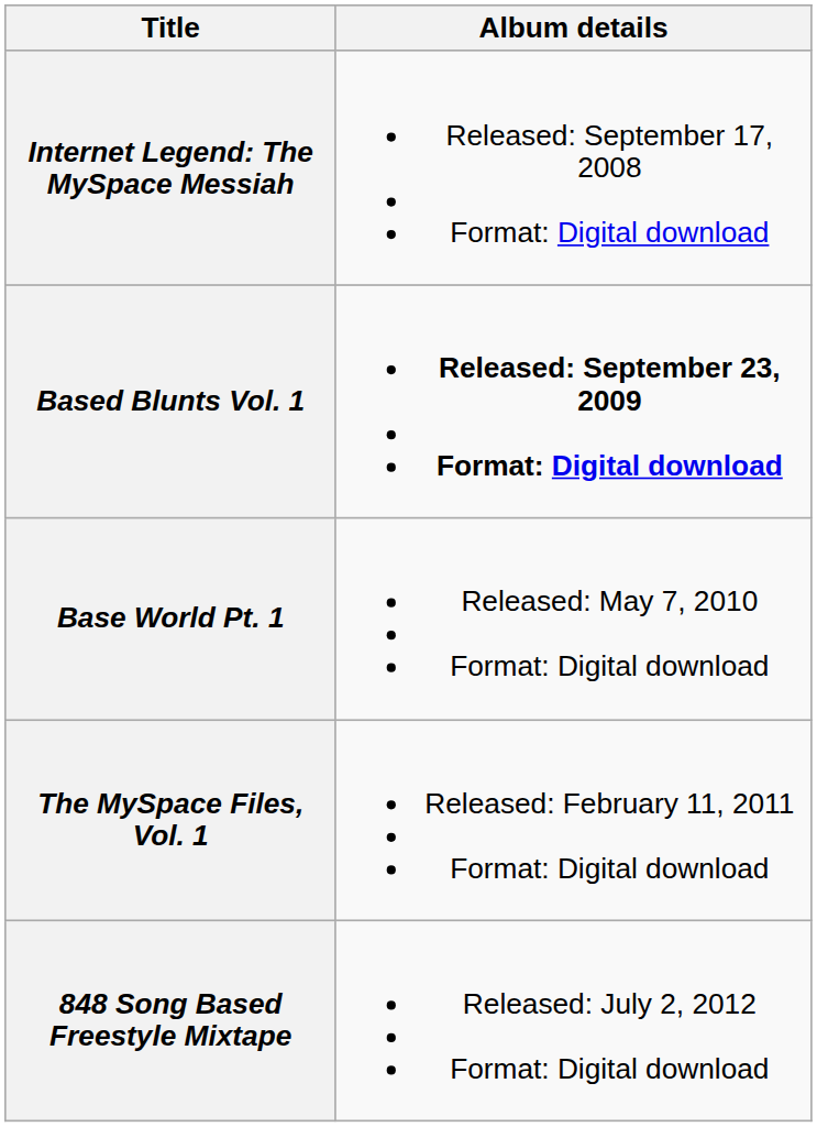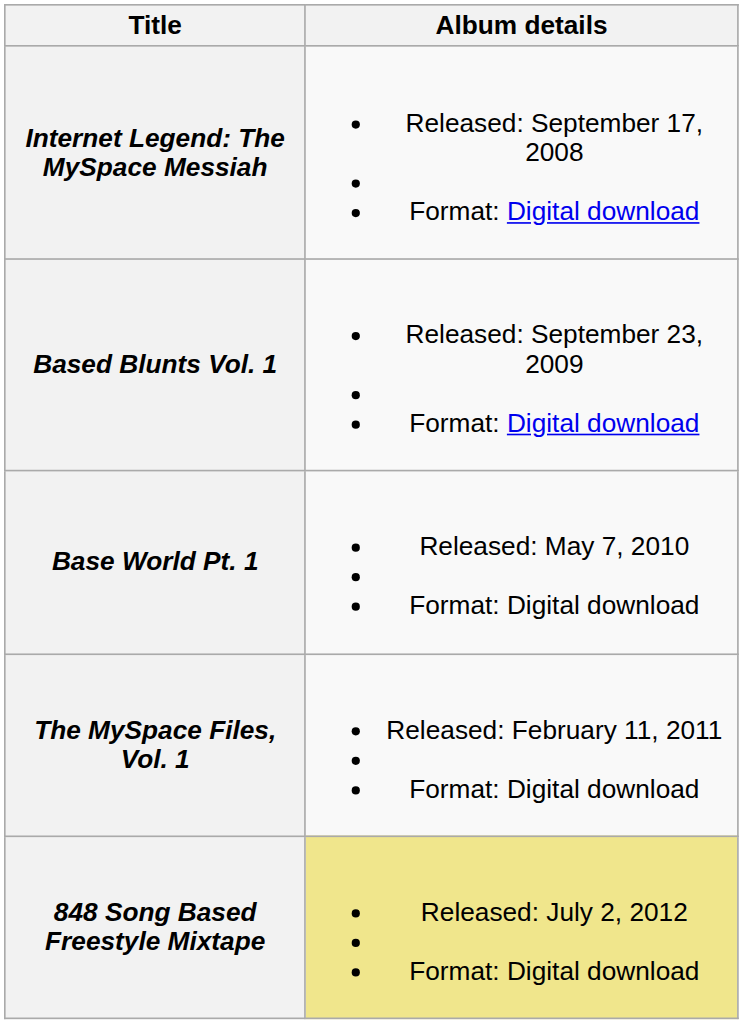 <table class="wikitable plainrowheaders" style="text-align:center;">
 <tr>
 <th scope="col" style="width:11em;">Title</th>
 <th scope="col" style="width:16em;">Album details</th>
 </tr>
 <tr>
 <th scope="row"><em>Internet Legend: The MySpace Messiah</em></th>
 <td><br><ul><li>Released: September 17, 2008</li><li></li><li>Format: <a href='#'>Digital download</a></li></ul></td>
 </tr>
 <tr>
 <th scope="row"><em>Based Blunts Vol. 1</em></th>
-<td><strong><br><ul><li>Released: September 23, 2009</li><li></li><li>Format: <a href='#'>Digital download</a></li></ul></strong></td>
+<td><br><ul><li>Released: September 23, 2009</li><li></li><li>Format: <a href='#'>Digital download</a></li></ul></td>
 </tr>
 <tr>
 <th scope="row"><em>Base World Pt. 1</em></th>
 <td><br><ul><li>Released: May 7, 2010</li><li></li><li>Format: Digital download</li></ul></td>
 </tr>
 <tr>
 <th scope="row"><em>The MySpace Files, Vol. 1</em></th>
 <td><br><ul><li>Released: February 11, 2011</li><li></li><li>Format: Digital download</li></ul></td>
 </tr>
 <tr>
 <th scope="row"><em>848 Song Based Freestyle Mixtape</em></th>
-<td><br><ul><li>Released: July 2, 2012</li><li></li><li>Format: Digital download</li></ul></td>
+<td style="background: khaki;"><br><ul><li>Released: July 2, 2012</li><li></li><li>Format: Digital download</li></ul></td>
 </tr>
 </table>
